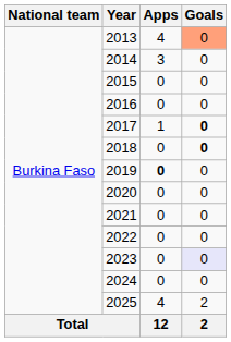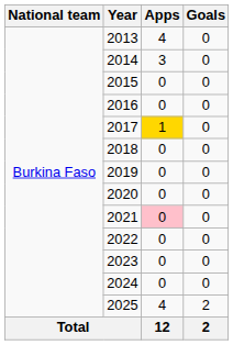 <table class="wikitable" style="text-align: center;">
 <tr>
 <th>National team</th>
 <th>Year</th>
 <th>Apps</th>
 <th>Goals</th>
 </tr>
 <tr>
 <td rowspan="13"><a href='#'>Burkina Faso</a></td>
 <td>2013</td>
 <td>4</td>
-<td style="background: lightsalmon;">0</td>
+<td>0</td>
 </tr>
 <tr>
 <td>2014</td>
 <td>3</td>
 <td>0</td>
 </tr>
 <tr>
 <td>2015</td>
 <td>0</td>
 <td>0</td>
 </tr>
 <tr>
 <td>2016</td>
 <td>0</td>
 <td>0</td>
 </tr>
 <tr>
 <td>2017</td>
-<td>1</td>
-<td><strong>0</strong></td>
+<td style="background: gold;">1</td>
+<td>0</td>
 </tr>
 <tr>
 <td>2018</td>
 <td>0</td>
-<td><strong>0</strong></td>
+<td>0</td>
 </tr>
 <tr>
 <td>2019</td>
-<td><strong>0</strong></td>
+<td>0</td>
 <td>0</td>
 </tr>
 <tr>
 <td>2020</td>
 <td>0</td>
 <td>0</td>
 </tr>
 <tr>
 <td>2021</td>
-<td>0</td>
+<td style="background: pink;">0</td>
 <td>0</td>
 </tr>
 <tr>
 <td>2022</td>
 <td>0</td>
 <td>0</td>
 </tr>
 <tr>
 <td>2023</td>
 <td>0</td>
-<td style="background: lavender;">0</td>
+<td>0</td>
 </tr>
 <tr>
 <td>2024</td>
 <td>0</td>
 <td>0</td>
 </tr>
 <tr>
 <td>2025</td>
 <td>4</td>
 <td>2</td>
 </tr>
 <tr>
 <th colspan="2">Total</th>
 <th>12</th>
 <th>2</th>
 </tr>
 </table>
